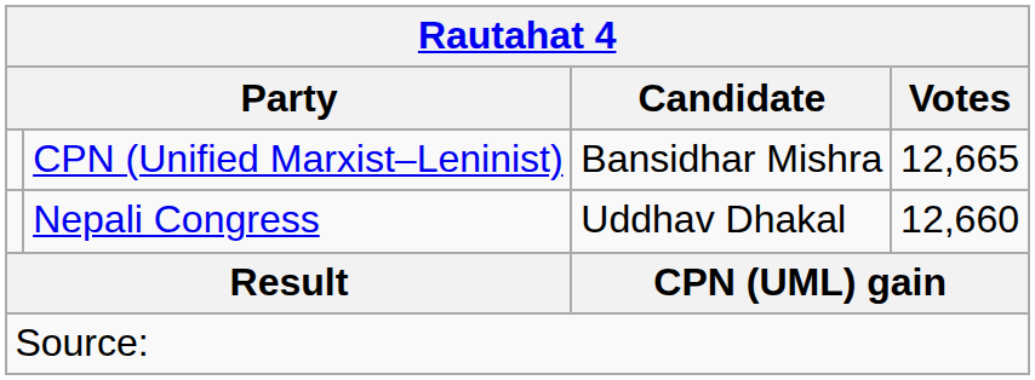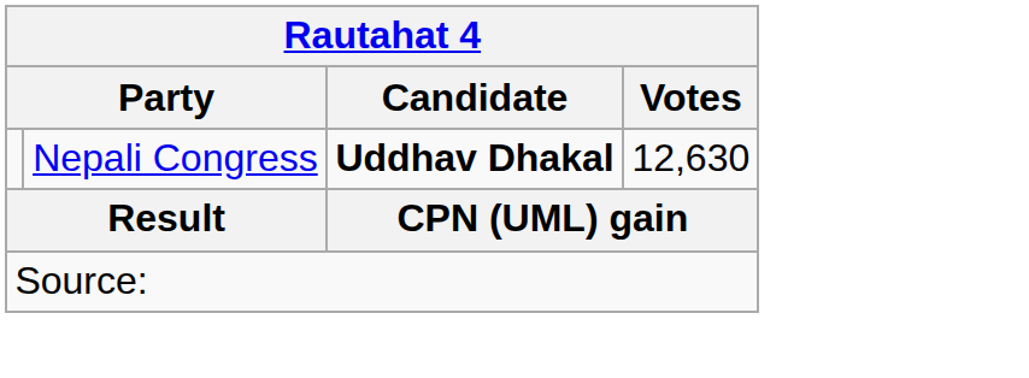 <table class="wikitable">
 <tr>
 <th colspan="4"><a href='#'>Rautahat 4</a></th>
 </tr>
 <tr>
 <th colspan="2">Party</th>
 <th>Candidate</th>
 <th>Votes</th>
 </tr>
 <tr>
 <td style="background-color:"></td>
-<td><a href='#'>CPN (Unified Marxist–Leninist)</a></td>
-<td>Bansidhar Mishra</td>
-<td>12,665</td>
-</tr>
-<tr>
-<td style="background-color:"></td>
 <td><a href='#'>Nepali Congress</a></td>
-<td>Uddhav Dhakal</td>
-<td>12,660</td>
+<td><strong>Uddhav Dhakal</strong></td>
+<td>12,630</td>
 </tr>
 <tr>
 <th colspan="2">Result</th>
 <th colspan="2">CPN (UML) gain</th>
 </tr>
 <tr>
 <td colspan="4">Source: </td>
 </tr>
 </table>
